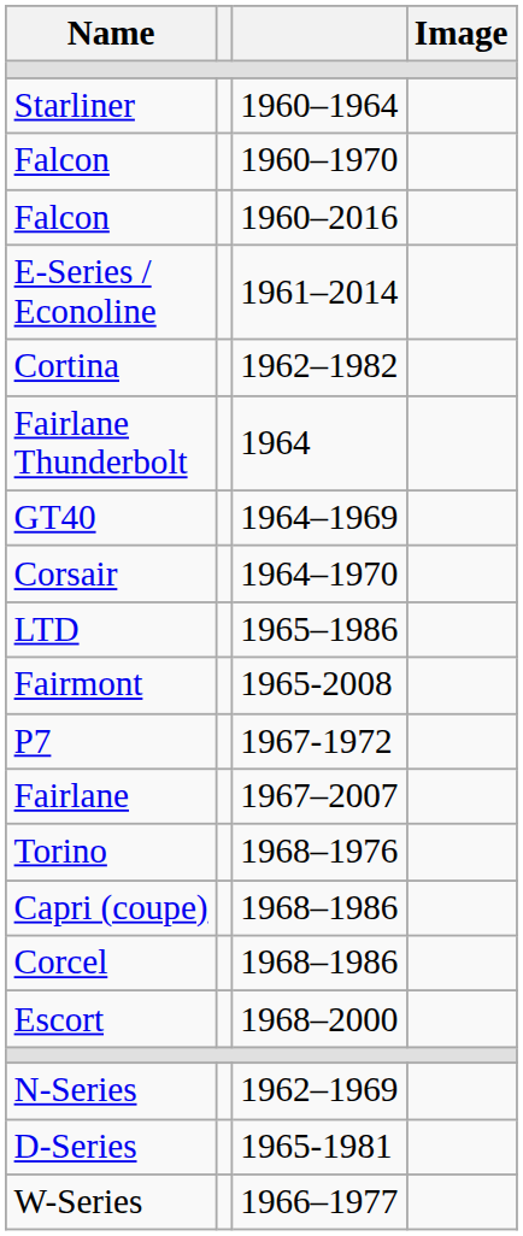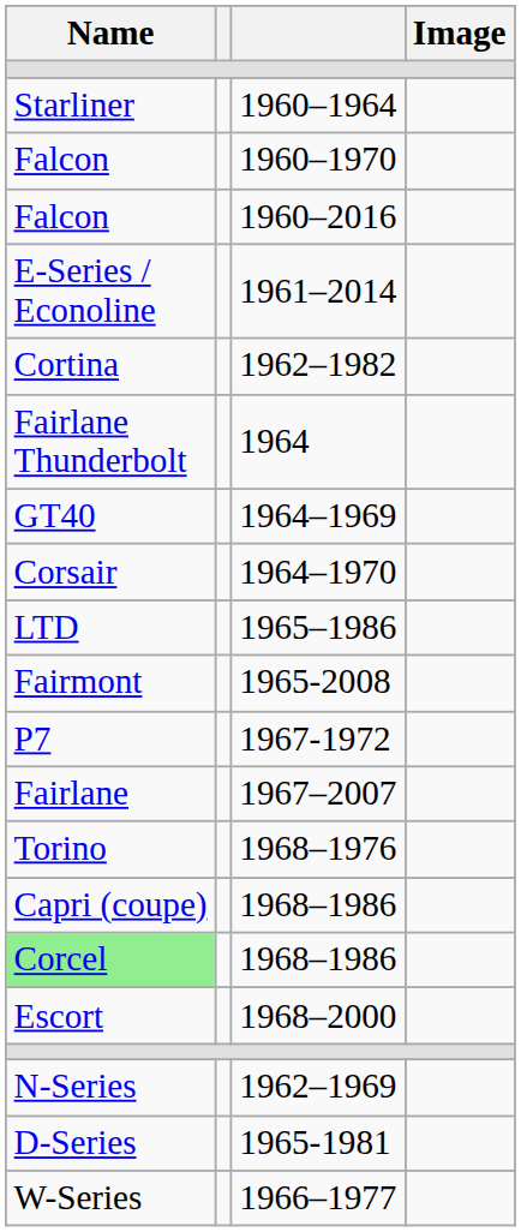 <table class="wikitable sortable">
 <tr>
 <th style="width:px;">Name</th>
 <th style="width:px;"></th>
 <th style="width:px;"></th>
 <th style="width:px;">Image</th>
 </tr>
 <tr>
 <td colspan=6 style=background:#e0e0e0></td>
 </tr>
 <tr>
 <td><a href='#'>Starliner</a></td>
 <td></td>
 <td>1960–1964</td>
 <td></td>
 </tr>
 <tr>
 <td><a href='#'>Falcon</a></td>
 <td></td>
 <td>1960–1970</td>
 <td></td>
 </tr>
 <tr>
 <td><a href='#'>Falcon</a></td>
 <td></td>
 <td>1960–2016</td>
 <td></td>
 </tr>
 <tr>
 <td><a href='#'>E-Series / <br>Econoline</a></td>
 <td></td>
 <td>1961–2014</td>
 <td></td>
 </tr>
 <tr>
 <td><a href='#'>Cortina</a></td>
 <td></td>
 <td>1962–1982</td>
 <td></td>
 </tr>
 <tr>
 <td><a href='#'>Fairlane<br>Thunderbolt</a></td>
 <td></td>
 <td>1964</td>
 <td></td>
 </tr>
 <tr>
 <td><a href='#'>GT40</a></td>
 <td></td>
 <td>1964–1969</td>
 <td></td>
 </tr>
 <tr>
 <td><a href='#'>Corsair</a></td>
 <td></td>
 <td>1964–1970</td>
 <td></td>
 </tr>
 <tr>
 <td><a href='#'>LTD</a></td>
 <td></td>
 <td>1965–1986</td>
 <td></td>
 </tr>
 <tr>
 <td><a href='#'>Fairmont</a></td>
 <td></td>
 <td>1965-2008</td>
 <td></td>
 </tr>
 <tr>
 <td><a href='#'>P7</a></td>
 <td></td>
 <td>1967-1972</td>
 <td></td>
 </tr>
 <tr>
 <td><a href='#'>Fairlane</a></td>
 <td></td>
 <td>1967–2007</td>
 <td></td>
 </tr>
 <tr>
 <td><a href='#'>Torino</a></td>
 <td></td>
 <td>1968–1976</td>
 <td></td>
 </tr>
 <tr>
 <td><a href='#'>Capri (coupe)</a></td>
 <td></td>
 <td>1968–1986</td>
 <td></td>
 </tr>
 <tr>
-<td><a href='#'>Corcel</a></td>
+<td style="background: lightgreen;"><a href='#'>Corcel</a></td>
 <td></td>
 <td>1968–1986</td>
 <td></td>
 </tr>
 <tr>
 <td><a href='#'>Escort</a></td>
 <td></td>
 <td>1968–2000</td>
 <td></td>
 </tr>
 <tr>
 <td colspan=6 style=background:#e0e0e0></td>
 </tr>
 <tr>
 <td><a href='#'>N-Series</a></td>
 <td></td>
 <td>1962–1969</td>
 <td></td>
 </tr>
 <tr>
 <td><a href='#'>D-Series</a></td>
 <td></td>
 <td>1965-1981</td>
 <td></td>
 </tr>
 <tr>
 <td>W-Series</td>
 <td></td>
 <td>1966–1977</td>
 <td></td>
 </tr>
 </table>
